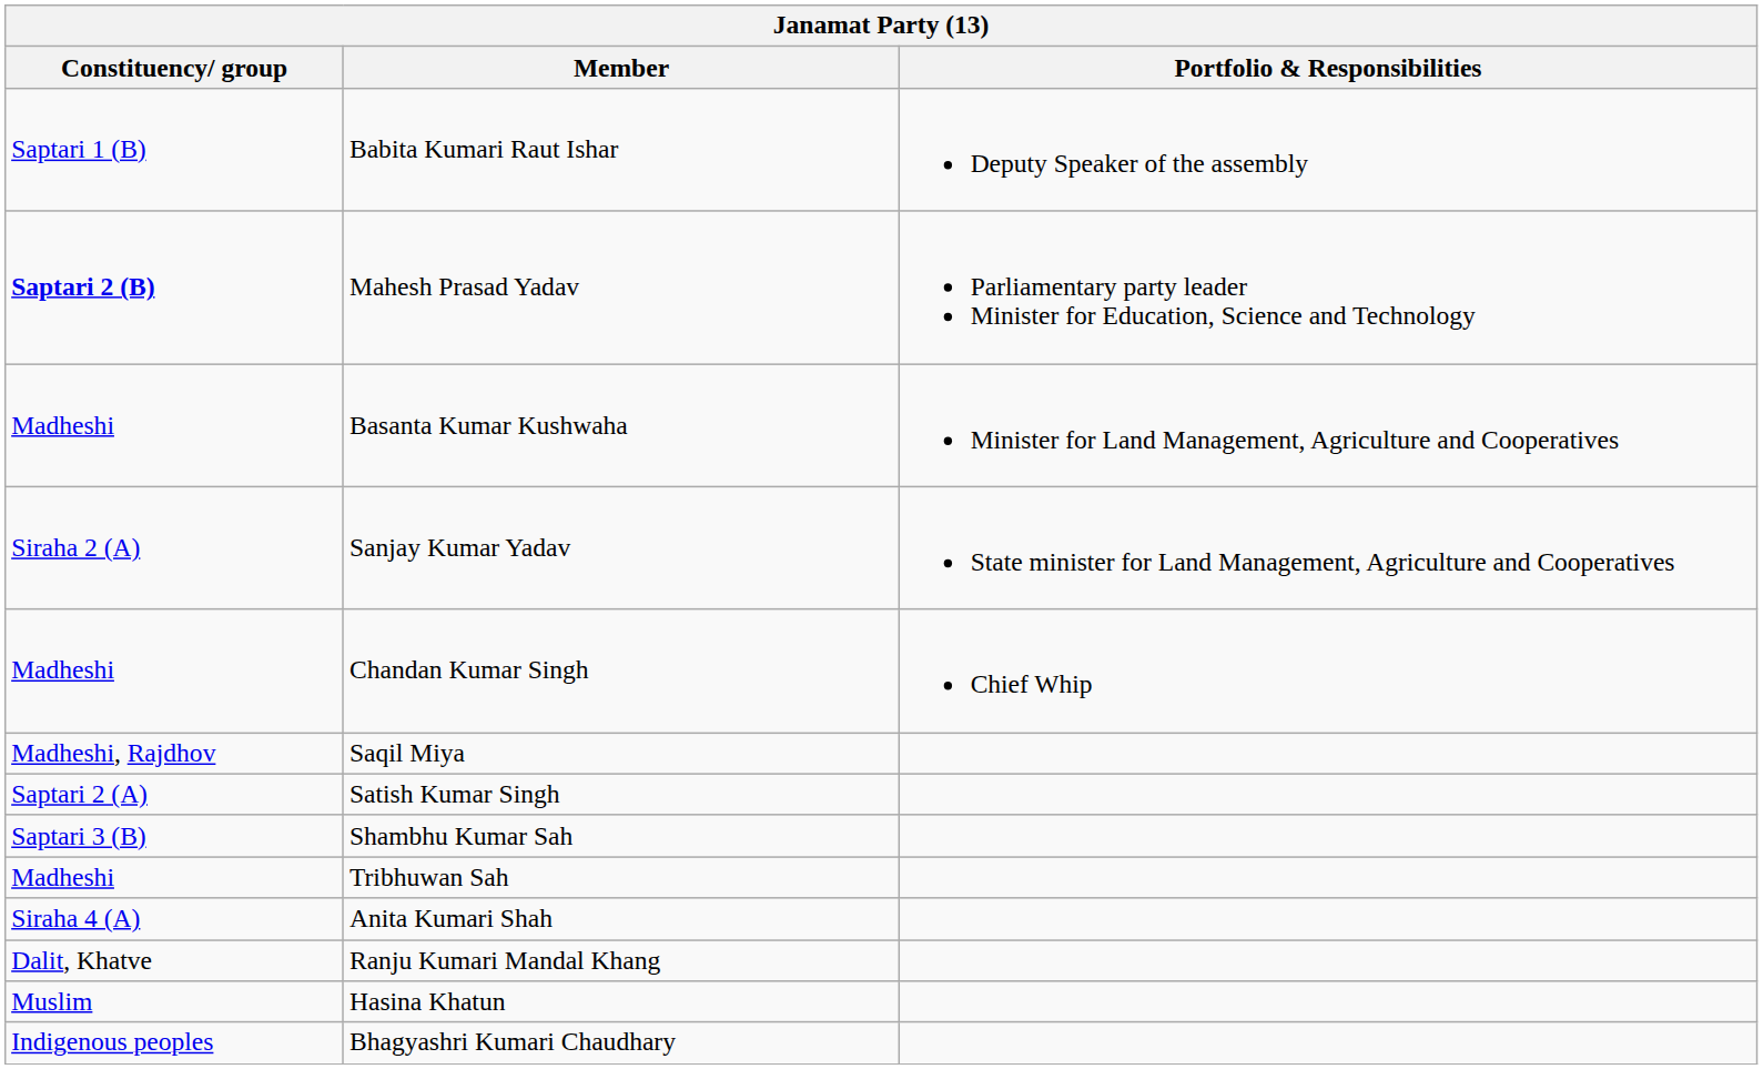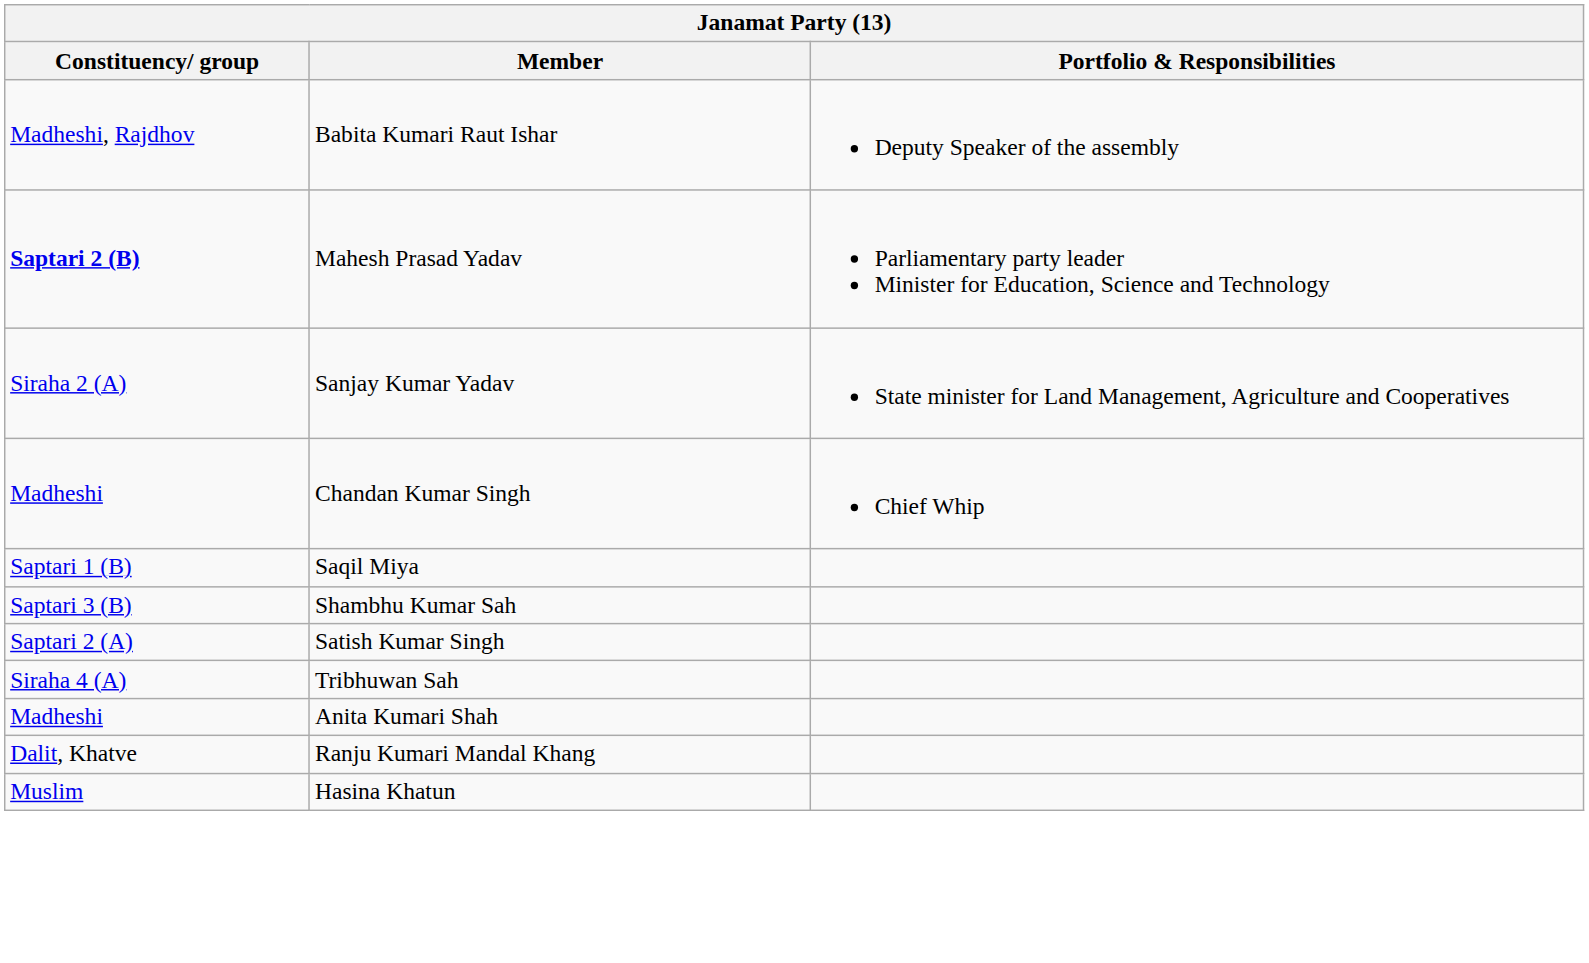 <table class="wikitable sortable mw-collapsible mw-collapsed">
 <tr>
 <th colspan="3" style="width: 800pt; background:">Janamat Party (13)</th>
 </tr>
 <tr>
 <th style="width:150pt;">Constituency/ group</th>
 <th style="width:250pt;">Member</th>
 <th>Portfolio & Responsibilities</th>
 </tr>
 <tr>
-<td><a href='#'>Saptari 1 (B)</a></td>
+<td><a href='#'>Madheshi</a>, <a href='#'>Rajdhov</a></td>
 <td>Babita Kumari Raut Ishar</td>
 <td><br><ul><li>Deputy Speaker of the assembly</li></ul></td>
 </tr>
 <tr>
 <td><strong><a href='#'>Saptari 2 (B)</a></strong></td>
 <td>Mahesh Prasad Yadav</td>
 <td><br><ul><li>Parliamentary party leader</li><li>Minister for Education, Science and Technology</li></ul></td>
-</tr>
-<tr>
-<td><a href='#'>Madheshi</a></td>
-<td>Basanta Kumar Kushwaha</td>
-<td><br><ul><li>Minister for Land Management, Agriculture and Cooperatives</li></ul></td>
 </tr>
 <tr>
 <td><a href='#'>Siraha 2 (A)</a></td>
 <td>Sanjay Kumar Yadav</td>
 <td><br><ul><li>State minister for Land Management, Agriculture and Cooperatives</li></ul></td>
 </tr>
 <tr>
 <td><a href='#'>Madheshi</a></td>
 <td>Chandan Kumar Singh</td>
 <td><br><ul><li>Chief Whip</li></ul></td>
 </tr>
 <tr>
-<td><a href='#'>Madheshi</a>, <a href='#'>Rajdhov</a></td>
+<td><a href='#'>Saptari 1 (B)</a></td>
 <td>Saqil Miya</td>
+<td></td>
+</tr>
+<tr>
+<td><a href='#'>Saptari 3 (B)</a></td>
+<td>Shambhu Kumar Sah</td>
 <td></td>
 </tr>
 <tr>
 <td><a href='#'>Saptari 2 (A)</a></td>
 <td>Satish Kumar Singh</td>
 <td></td>
 </tr>
 <tr>
-<td><a href='#'>Saptari 3 (B)</a></td>
-<td>Shambhu Kumar Sah</td>
+<td><a href='#'>Siraha 4 (A)</a></td>
+<td>Tribhuwan Sah</td>
 <td></td>
 </tr>
 <tr>
 <td><a href='#'>Madheshi</a></td>
-<td>Tribhuwan Sah</td>
-<td></td>
-</tr>
-<tr>
-<td><a href='#'>Siraha 4 (A)</a></td>
 <td>Anita Kumari Shah</td>
 <td></td>
 </tr>
 <tr>
 <td><a href='#'>Dalit</a>, Khatve</td>
 <td>Ranju Kumari Mandal Khang</td>
 <td></td>
 </tr>
 <tr>
 <td><a href='#'>Muslim</a></td>
 <td>Hasina Khatun</td>
 <td></td>
 </tr>
-<tr>
-<td><a href='#'>Indigenous peoples</a></td>
-<td>Bhagyashri Kumari Chaudhary</td>
-<td></td>
-</tr>
 </table>
